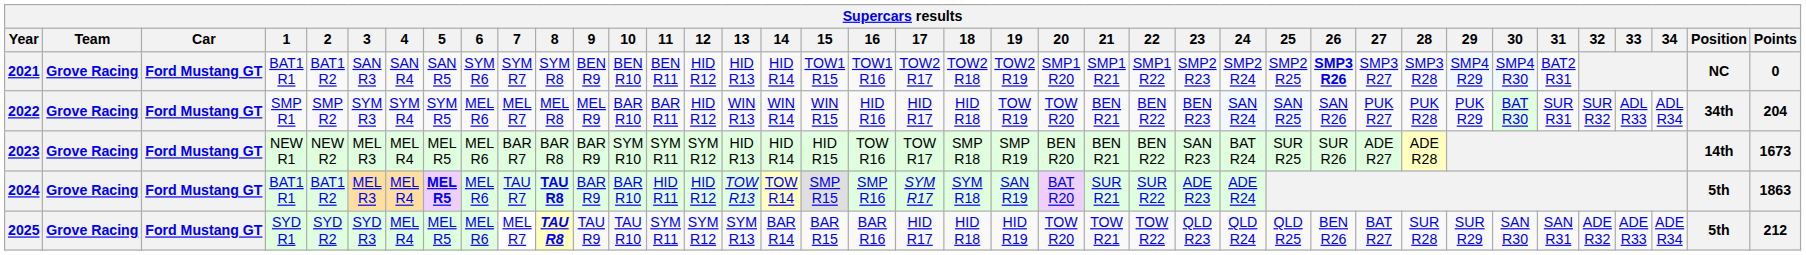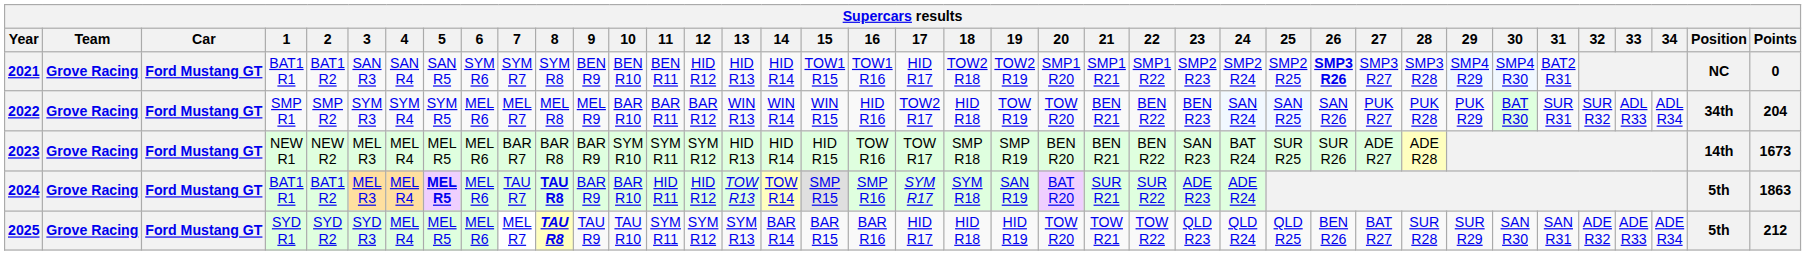 <table class="wikitable" style="text-align:center; font-size:75%">
 <tr>
 <th colspan=45><a href='#'>Supercars</a> results</th>
 </tr>
 <tr>
 <th>Year</th>
 <th>Team</th>
 <th>Car</th>
 <th>1</th>
 <th>2</th>
 <th>3</th>
 <th>4</th>
 <th>5</th>
 <th>6</th>
 <th>7</th>
 <th>8</th>
 <th>9</th>
 <th>10</th>
 <th>11</th>
 <th>12</th>
 <th>13</th>
 <th>14</th>
 <th>15</th>
 <th>16</th>
 <th>17</th>
 <th>18</th>
 <th>19</th>
 <th>20</th>
 <th>21</th>
 <th>22</th>
 <th>23</th>
 <th>24</th>
 <th>25</th>
 <th>26</th>
 <th>27</th>
 <th>28</th>
 <th>29</th>
 <th>30</th>
 <th>31</th>
 <th>32</th>
 <th>33</th>
 <th>34</th>
 <th>Position</th>
 <th>Points</th>
 </tr>
 <tr>
 <th><a href='#'>2021</a></th>
 <th><a href='#'>Grove Racing</a></th>
 <th><a href='#'>Ford Mustang GT</a></th>
 <td><a href='#'>BAT1<br>R1</a><br></td>
 <td><a href='#'>BAT1<br>R2</a><br></td>
 <td><a href='#'>SAN<br>R3</a><br></td>
 <td><a href='#'>SAN<br>R4</a><br></td>
 <td><a href='#'>SAN<br>R5</a><br></td>
 <td><a href='#'>SYM<br>R6</a><br></td>
 <td><a href='#'>SYM<br>R7</a><br></td>
 <td><a href='#'>SYM<br>R8</a><br></td>
 <td><a href='#'>BEN<br>R9</a><br></td>
 <td><a href='#'>BEN<br>R10</a><br></td>
 <td><a href='#'>BEN<br>R11</a><br></td>
 <td><a href='#'>HID<br>R12</a><br></td>
 <td><a href='#'>HID<br>R13</a><br></td>
 <td><a href='#'>HID<br>R14</a><br></td>
 <td><a href='#'>TOW1<br>R15</a><br></td>
 <td><a href='#'>TOW1<br>R16</a><br></td>
-<td><a href='#'>TOW2<br>R17</a><br></td>
+<td><a href='#'>HID<br>R17</a></td>
 <td><a href='#'>TOW2<br>R18</a><br></td>
 <td><a href='#'>TOW2<br>R19</a><br></td>
 <td><a href='#'>SMP1<br>R20</a><br></td>
 <td><a href='#'>SMP1<br>R21</a><br></td>
 <td><a href='#'>SMP1<br>R22</a><br></td>
 <td><a href='#'>SMP2<br>R23</a><br></td>
 <td><a href='#'>SMP2<br>R24</a><br></td>
 <td><a href='#'>SMP2<br>R25</a><br></td>
 <td><strong><a href='#'>SMP3<br>R26</a><br></strong></td>
 <td><a href='#'>SMP3<br>R27</a><br></td>
 <td><a href='#'>SMP3<br>R28</a><br></td>
 <td style="background: #f1f8ff"><a href='#'>SMP4<br>R29</a><br></td>
 <td style="background: #f1f8ff"><a href='#'>SMP4<br>R30</a><br></td>
 <td><a href='#'>BAT2<br>R31</a></td>
 <th colspan=3></th>
 <th>NC</th>
 <th>0</th>
 </tr>
 <tr>
 <th><a href='#'>2022</a></th>
 <th><a href='#'>Grove Racing</a></th>
 <th><a href='#'>Ford Mustang GT</a></th>
 <td><a href='#'>SMP<br>R1</a></td>
 <td><a href='#'>SMP<br>R2</a></td>
 <td><a href='#'>SYM<br>R3</a></td>
 <td><a href='#'>SYM<br>R4</a></td>
 <td><a href='#'>SYM<br>R5</a></td>
 <td><a href='#'>MEL<br>R6</a></td>
 <td><a href='#'>MEL<br>R7</a></td>
 <td><a href='#'>MEL<br>R8</a></td>
 <td><a href='#'>MEL<br>R9</a></td>
 <td><a href='#'>BAR<br>R10</a></td>
 <td><a href='#'>BAR<br>R11</a></td>
-<td><a href='#'>HID<br>R12</a><br></td>
+<td><a href='#'>BAR<br>R12</a></td>
 <td><a href='#'>WIN<br>R13</a></td>
 <td><a href='#'>WIN<br>R14</a></td>
 <td><a href='#'>WIN<br>R15</a></td>
 <td><a href='#'>HID<br>R16</a></td>
-<td><a href='#'>HID<br>R17</a></td>
+<td><a href='#'>TOW2<br>R17</a><br></td>
 <td><a href='#'>HID<br>R18</a></td>
 <td><a href='#'>TOW<br>R19</a></td>
 <td><a href='#'>TOW<br>R20</a></td>
 <td><a href='#'>BEN<br>R21</a></td>
 <td><a href='#'>BEN<br>R22</a></td>
 <td><a href='#'>BEN<br>R23</a></td>
 <td style="background: #f1f8ff"><a href='#'>SAN<br>R24</a><br></td>
 <td style="background: #f1f8ff"><a href='#'>SAN<br>R25</a><br></td>
 <td><a href='#'>SAN<br>R26</a></td>
 <td><a href='#'>PUK<br>R27</a></td>
 <td><a href='#'>PUK<br>R28</a></td>
 <td><a href='#'>PUK<br>R29</a></td>
 <td style="background: #DFFFDF"><a href='#'>BAT<br>R30</a><br></td>
 <td><a href='#'>SUR<br>R31</a></td>
 <td><a href='#'>SUR<br>R32</a></td>
 <td><a href='#'>ADL<br>R33</a></td>
 <td><a href='#'>ADL<br>R34</a></td>
 <th>34th</th>
 <th>204</th>
 </tr>
 <tr>
 <th><a href='#'>2023</a></th>
 <th><a href='#'>Grove Racing</a></th>
 <th><a href='#'>Ford Mustang GT</a></th>
 <td style="background:#dfffdf">NEW<br>R1<br></td>
 <td style="background:#dfffdf">NEW<br>R2<br></td>
 <td style="background:#dfffdf">MEL<br>R3<br></td>
 <td style="background:#dfffdf">MEL<br>R4<br></td>
 <td style="background:#dfffdf">MEL<br>R5<br></td>
 <td style="background:#dfffdf">MEL<br>R6<br></td>
 <td style="background:#dfffdf">BAR<br>R7<br></td>
 <td style="background:#dfffdf">BAR<br>R8<br></td>
 <td style="background:#dfffdf">BAR<br>R9<br></td>
 <td style="background:#dfffdf">SYM<br>R10<br></td>
 <td style="background:#dfffdf">SYM<br>R11<br></td>
 <td style="background:#dfffdf">SYM<br>R12<br></td>
 <td style="background:#dfffdf">HID<br>R13<br></td>
 <td style="background:#dfffdf">HID<br>R14<br></td>
 <td style="background:#dfffdf">HID<br>R15<br></td>
 <td style="background:#dfffdf">TOW<br>R16<br></td>
 <td style="background:#dfffdf">TOW<br>R17<br></td>
 <td style="background:#dfffdf">SMP<br>R18<br></td>
 <td style="background:#dfffdf">SMP<br>R19<br></td>
 <td style="background:#dfffdf">BEN<br>R20<br></td>
 <td style="background:#dfffdf">BEN<br>R21<br></td>
 <td style="background:#dfffdf">BEN<br>R22<br></td>
 <td style="background:#dfffdf">SAN<br>R23<br></td>
 <td style="background:#dfffdf">BAT<br>R24<br></td>
 <td style="background:#dfffdf">SUR<br>R25<br></td>
 <td style="background:#dfffdf">SUR<br>R26<br></td>
 <td style="background:#dfffdf">ADE<br>R27<br></td>
 <td style="background:#ffffbf">ADE<br>R28<br></td>
 <th colspan=6></th>
 <th style="background:">14th</th>
 <th style="background:">1673</th>
 </tr>
 <tr>
 <th><a href='#'>2024</a></th>
 <th><a href='#'>Grove Racing</a></th>
 <th><a href='#'>Ford Mustang GT</a></th>
 <td style=background:#dfffdf><a href='#'>BAT1<br>R1</a><br></td>
 <td style=background:#dfffdf><a href='#'>BAT1<br>R2</a><br></td>
 <td style=background:#ffdf9f><a href='#'>MEL<br>R3</a><br></td>
 <td style=background:#ffdf9f><a href='#'>MEL<br>R4</a><br></td>
 <td style=background:#efcfff><strong><a href='#'>MEL<br>R5</a><br></strong></td>
 <td style=background:#dfffdf><a href='#'>MEL<br>R6</a><br></td>
 <td style=background:#dfffdf><a href='#'>TAU<br>R7</a><br></td>
 <td style=background:#dfffdf><strong><a href='#'>TAU<br>R8</a><br></strong></td>
 <td style=background:#dfffdf><a href='#'>BAR<br>R9</a><br></td>
 <td style=background:#dfffdf><a href='#'>BAR<br>R10</a><br></td>
 <td style=background:#dfffdf><a href='#'>HID<br>R11</a><br></td>
 <td style=background:#dfffdf><a href='#'>HID<br>R12</a><br></td>
 <td style=background:#dfffdf><em><a href='#'>TOW<br>R13</a><br></em></td>
 <td style=background:#ffffbf><a href='#'>TOW<br>R14</a><br></td>
 <td style=background:#dfdfdf><a href='#'>SMP<br>R15</a><br></td>
 <td style=background:#dfffdf><a href='#'>SMP<br>R16</a><br></td>
 <td style=background:#dfffdf><em><a href='#'>SYM<br>R17</a><br></em></td>
 <td style=background:#dfffdf><a href='#'>SYM<br>R18</a><br></td>
 <td style=background:#dfffdf><a href='#'>SAN<br>R19</a><br></td>
 <td style=background:#efcfff><a href='#'>BAT<br>R20</a><br></td>
 <td style=background:#dfffdf><a href='#'>SUR<br>R21</a><br></td>
 <td style=background:#dfffdf><a href='#'>SUR<br>R22</a><br></td>
 <td style=background:#dfffdf><a href='#'>ADE<br>R23</a><br></td>
 <td style=background:#dfffdf><a href='#'>ADE<br>R24</a><br></td>
 <th colspan=10></th>
 <th>5th</th>
 <th>1863</th>
 </tr>
 <tr>
 <th><a href='#'>2025</a></th>
 <th><a href='#'>Grove Racing</a></th>
 <th><a href='#'>Ford Mustang GT</a></th>
 <td style=background:#dfffdf><a href='#'>SYD<br>R1</a><br></td>
 <td style=background:#dfffdf><a href='#'>SYD<br>R2</a><br></td>
 <td style=background:#dfffdf><a href='#'>SYD<br>R3</a><br></td>
 <td style=background:#dfffdf><a href='#'>MEL<br>R4</a><br></td>
 <td style=background:#dfffdf><a href='#'>MEL<br>R5</a><br></td>
 <td style=background:#dfffdf><a href='#'>MEL<br>R6</a><br></td>
 <td style=background:#ffffff><a href='#'>MEL<br>R7</a><br></td>
 <td style=background:#ffffbf><strong><em><a href='#'>TAU<br>R8</a><br></em></strong></td>
 <td style=background:#><a href='#'>TAU<br>R9</a><br></td>
 <td style=background:#><a href='#'>TAU<br>R10</a><br></td>
 <td style=background:#><a href='#'>SYM<br>R11</a><br></td>
 <td style=background:#><a href='#'>SYM<br>R12</a><br></td>
 <td style=background:#><a href='#'>SYM<br>R13</a><br></td>
 <td style=background:#><a href='#'>BAR<br>R14</a><br></td>
 <td style=background:#><a href='#'>BAR<br>R15</a><br></td>
 <td style=background:#><a href='#'>BAR<br>R16</a><br></td>
 <td style=background:#><a href='#'>HID<br>R17</a><br></td>
 <td style=background:#><a href='#'>HID<br>R18</a><br></td>
 <td style=background:#><a href='#'>HID<br>R19</a><br></td>
 <td style=background:#><a href='#'>TOW<br>R20</a><br></td>
 <td style=background:#><a href='#'>TOW<br>R21</a><br></td>
 <td style=background:#><a href='#'>TOW<br>R22</a><br></td>
 <td style=background:#><a href='#'>QLD<br>R23</a><br></td>
 <td style=background:#><a href='#'>QLD<br>R24</a><br></td>
 <td style=background:#><a href='#'>QLD<br>R25</a><br></td>
 <td style=background:#><a href='#'>BEN<br>R26</a><br></td>
 <td style=background:#><a href='#'>BAT<br>R27</a><br></td>
 <td style=background:#><a href='#'>SUR<br>R28</a><br></td>
 <td style=background:#><a href='#'>SUR<br>R29</a><br></td>
 <td style=background:#><a href='#'>SAN<br>R30</a><br></td>
 <td style=background:#><a href='#'>SAN<br>R31</a><br></td>
 <td style=background:#><a href='#'>ADE<br>R32</a><br></td>
 <td style=background:#><a href='#'>ADE<br>R33</a><br></td>
 <td style=background:#><a href='#'>ADE<br>R34</a><br></td>
 <th>5th</th>
 <th>212</th>
 </tr>
 </table>
